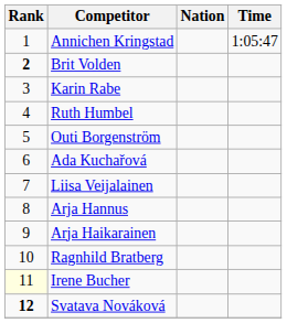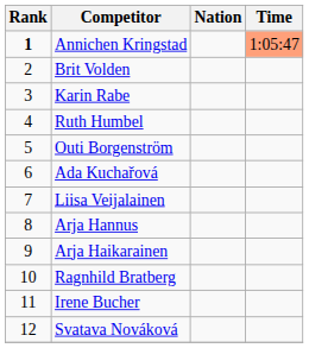 <table class="wikitable sortable" style="text-align:left">
 <tr>
 <th data-sort-type="number">Rank</th>
 <th class="unsortable">Competitor</th>
 <th>Nation</th>
 <th>Time</th>
 </tr>
 <tr>
-<td style="text-align:center">1</td>
+<td style="text-align:center"><strong>1</strong></td>
 <td><a href='#'>Annichen Kringstad</a></td>
 <td></td>
-<td style="text-align:right">1:05:47</td>
+<td style="background: lightsalmon; text-align:right">1:05:47</td>
 </tr>
 <tr>
-<td style="text-align:center"><strong>2</strong></td>
+<td style="text-align:center">2</td>
 <td><a href='#'>Brit Volden</a></td>
 <td></td>
 <td style="text-align:right"></td>
 </tr>
 <tr>
 <td style="text-align:center">3</td>
 <td><a href='#'>Karin Rabe</a></td>
 <td></td>
 <td style="text-align:right"></td>
 </tr>
 <tr>
 <td style="text-align:center">4</td>
 <td><a href='#'>Ruth Humbel</a></td>
 <td></td>
 <td style="text-align:right"></td>
 </tr>
 <tr>
 <td style="text-align:center">5</td>
 <td><a href='#'>Outi Borgenström</a></td>
 <td></td>
 <td style="text-align:right"></td>
 </tr>
 <tr>
 <td style="text-align:center">6</td>
 <td><a href='#'>Ada Kuchařová</a></td>
 <td></td>
 <td style="text-align:right"></td>
 </tr>
 <tr>
 <td style="text-align:center">7</td>
 <td><a href='#'>Liisa Veijalainen</a></td>
 <td></td>
 <td style="text-align:right"></td>
 </tr>
 <tr>
 <td style="text-align:center">8</td>
 <td><a href='#'>Arja Hannus</a></td>
 <td></td>
 <td style="text-align:right"></td>
 </tr>
 <tr>
 <td style="text-align:center">9</td>
 <td><a href='#'>Arja Haikarainen</a></td>
 <td></td>
 <td style="text-align:right"></td>
 </tr>
 <tr>
 <td style="text-align:center">10</td>
 <td><a href='#'>Ragnhild Bratberg</a></td>
 <td></td>
 <td style="text-align:right"></td>
 </tr>
 <tr>
-<td style="background: lightyellow; text-align:center">11</td>
+<td style="text-align:center">11</td>
 <td><a href='#'>Irene Bucher</a></td>
 <td></td>
 <td style="text-align:right"></td>
 </tr>
 <tr>
-<td style="text-align:center"><strong>12</strong></td>
+<td style="text-align:center">12</td>
 <td><a href='#'>Svatava Nováková</a></td>
 <td></td>
 <td style="text-align:right"></td>
 </tr>
 <tr>
 </tr>
 </table>
